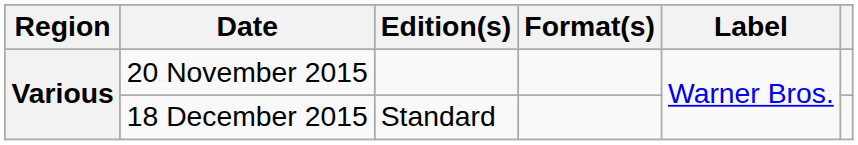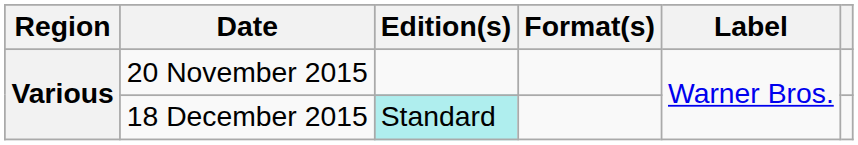 <table class="wikitable plainrowheaders">
 <tr>
 <th scope="col">Region</th>
 <th scope="col">Date</th>
 <th scope="col">Edition(s)</th>
 <th scope="col">Format(s)</th>
 <th scope="col">Label</th>
 <th scope="col"></th>
 </tr>
 <tr>
 <th rowspan="2" scope="row">Various</th>
 <td>20 November 2015</td>
 <td rowspan="1"></td>
 <td></td>
 <td rowspan="2"><a href='#'>Warner Bros.</a></td>
 <td></td>
 </tr>
 <tr>
 <td>18 December 2015</td>
-<td rowspan="1">Standard</td>
+<td rowspan="1" style="background: paleturquoise;">Standard</td>
 <td></td>
 <td></td>
 </tr>
 </table>
